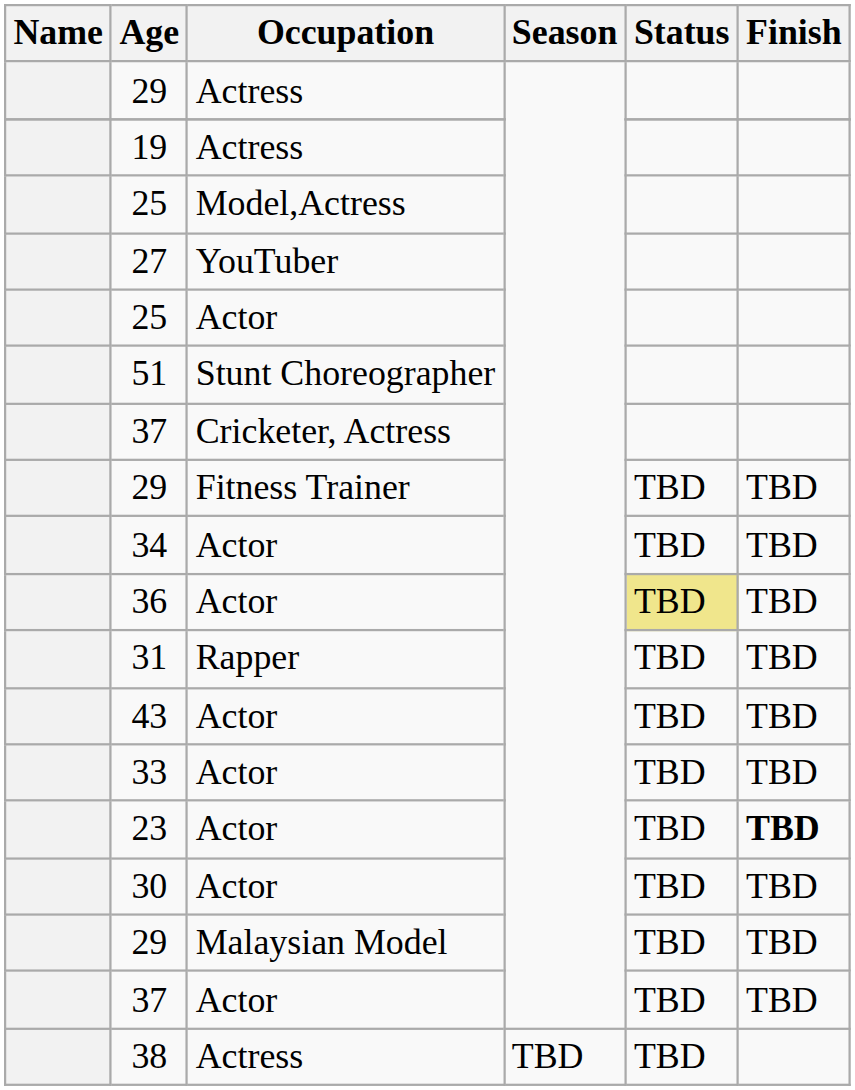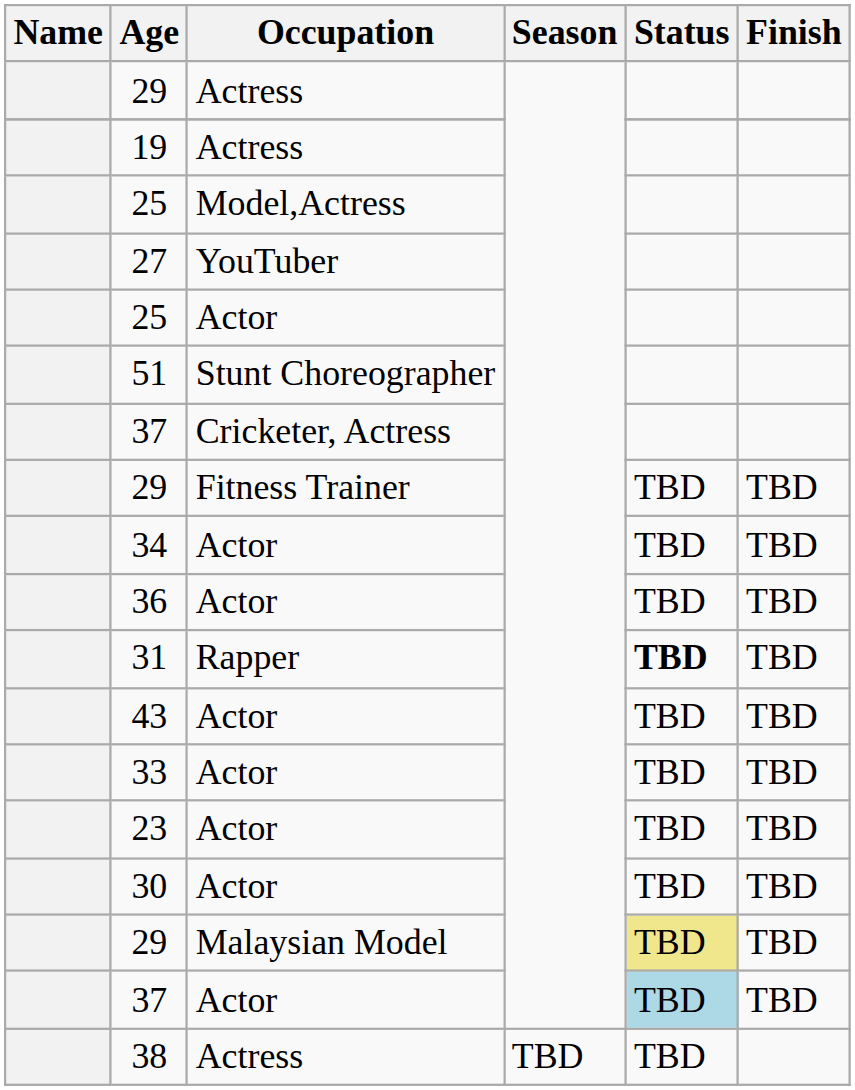 <table class="wikitable plainrowheaders sortable">
 <tr>
 <th scope="col">Name</th>
 <th scope="col">Age</th>
 <th scope="col">Occupation</th>
 <th scope="col">Season</th>
 <th scope="col">Status</th>
 <th scope="col">Finish</th>
 </tr>
 <tr>
 <th scope="row"></th>
 <td align="center">29</td>
 <td>Actress</td>
 <td rowspan="18"></td>
 <td></td>
 <td></td>
 </tr>
 <tr>
 </tr>
 <tr>
 <th scope="row"></th>
 <td align="center">19</td>
 <td>Actress</td>
 <td></td>
 <td></td>
 </tr>
 <tr>
 <th scope="row"></th>
 <td align="center">25</td>
 <td>Model,Actress</td>
 <td></td>
 <td></td>
 </tr>
 <tr>
 <th scope="row"></th>
 <td align="center">27</td>
 <td>YouTuber</td>
 <td></td>
 <td></td>
 </tr>
 <tr>
 <th scope="row"></th>
 <td align="center">25</td>
 <td>Actor</td>
 <td></td>
 <td></td>
 </tr>
 <tr>
 <th scope="row"></th>
 <td align="center">51</td>
 <td>Stunt Choreographer</td>
 <td></td>
 <td></td>
 </tr>
 <tr>
 <th scope="row"></th>
 <td align="center">37</td>
 <td>Cricketer, Actress</td>
 <td></td>
 <td></td>
 </tr>
 <tr>
 <th scope="row"></th>
 <td align="center">29</td>
 <td>Fitness Trainer</td>
 <td>TBD</td>
 <td>TBD</td>
 </tr>
 <tr>
 <th scope="row"></th>
 <td align="center">34</td>
 <td>Actor</td>
 <td>TBD</td>
 <td>TBD</td>
 </tr>
 <tr>
 <th scope="row"></th>
 <td align="center">36</td>
 <td>Actor</td>
-<td style="background: khaki;">TBD</td>
+<td>TBD</td>
 <td>TBD</td>
 </tr>
 <tr>
 <th scope="row"></th>
 <td align="center">31</td>
 <td>Rapper</td>
-<td>TBD</td>
+<td><strong>TBD</strong></td>
 <td>TBD</td>
 </tr>
 <tr>
 <th scope="row"></th>
 <td align="center">43</td>
 <td>Actor</td>
 <td>TBD</td>
 <td>TBD</td>
 </tr>
 <tr>
 <th scope="row"></th>
 <td align="center">33</td>
 <td>Actor</td>
 <td>TBD</td>
 <td>TBD</td>
 </tr>
 <tr>
 <th scope="row"></th>
 <td align="center">23</td>
 <td>Actor</td>
 <td>TBD</td>
-<td><strong>TBD</strong></td>
+<td>TBD</td>
 </tr>
 <tr>
 <th scope="row"></th>
 <td align="center">30</td>
 <td>Actor</td>
 <td>TBD</td>
 <td>TBD</td>
 </tr>
 <tr>
 <th scope="row"></th>
 <td align="center">29</td>
 <td>Malaysian Model</td>
-<td>TBD</td>
+<td style="background: khaki;">TBD</td>
 <td>TBD</td>
 </tr>
 <tr>
 <th scope="row"></th>
 <td align="center">37</td>
 <td>Actor</td>
-<td>TBD</td>
+<td style="background: lightblue;">TBD</td>
 <td>TBD</td>
 </tr>
 <tr>
 <th scope="row"></th>
 <td align="center">38</td>
 <td>Actress</td>
 <td>TBD</td>
 <td>TBD</td>
 </tr>
 </table>
